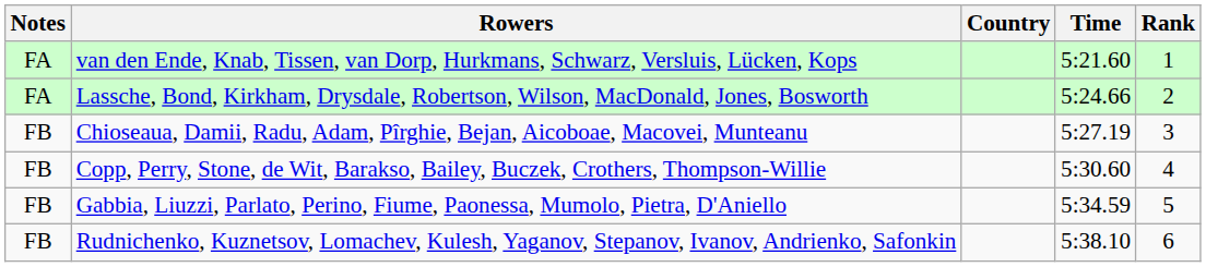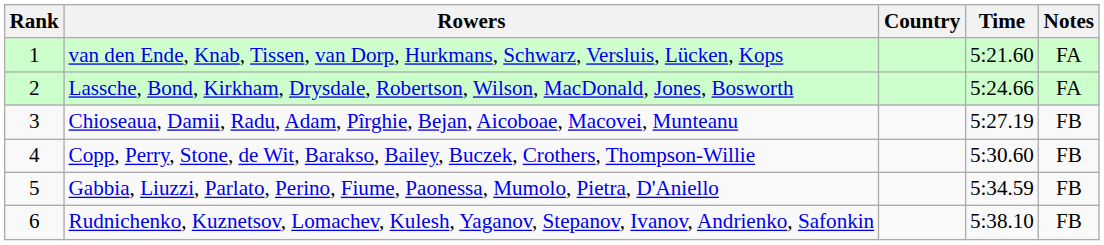 <table class="wikitable" style="text-align:center">
 <tr>
-<th>Notes</th>
+<th>Rank</th>
 <th>Rowers</th>
 <th>Country</th>
 <th>Time</th>
-<th>Rank</th>
+<th>Notes</th>
 </tr>
 <tr bgcolor=ccffcc>
-<td>FA</td>
+<td>1</td>
 <td align="left"><a href='#'>van den Ende</a>, <a href='#'>Knab</a>, <a href='#'>Tissen</a>, <a href='#'>van Dorp</a>, <a href='#'>Hurkmans</a>, <a href='#'>Schwarz</a>, <a href='#'>Versluis</a>, <a href='#'>Lücken</a>, <a href='#'>Kops</a></td>
 <td align="left"></td>
 <td>5:21.60</td>
-<td>1</td>
+<td>FA</td>
 </tr>
 <tr bgcolor=ccffcc>
-<td>FA</td>
+<td>2</td>
 <td align="left"><a href='#'>Lassche</a>, <a href='#'>Bond</a>, <a href='#'>Kirkham</a>, <a href='#'>Drysdale</a>, <a href='#'>Robertson</a>, <a href='#'>Wilson</a>, <a href='#'>MacDonald</a>, <a href='#'>Jones</a>, <a href='#'>Bosworth</a></td>
 <td align="left"></td>
 <td>5:24.66</td>
-<td>2</td>
+<td>FA</td>
 </tr>
 <tr>
-<td>FB</td>
+<td>3</td>
 <td align="left"><a href='#'>Chioseaua</a>, <a href='#'>Damii</a>, <a href='#'>Radu</a>, <a href='#'>Adam</a>, <a href='#'>Pîrghie</a>, <a href='#'>Bejan</a>, <a href='#'>Aicoboae</a>, <a href='#'>Macovei</a>, <a href='#'>Munteanu</a></td>
 <td align="left"></td>
 <td>5:27.19</td>
-<td>3</td>
+<td>FB</td>
 </tr>
 <tr>
-<td>FB</td>
+<td>4</td>
 <td align="left"><a href='#'>Copp</a>, <a href='#'>Perry</a>, <a href='#'>Stone</a>, <a href='#'>de Wit</a>, <a href='#'>Barakso</a>, <a href='#'>Bailey</a>, <a href='#'>Buczek</a>, <a href='#'>Crothers</a>, <a href='#'>Thompson-Willie</a></td>
 <td align="left"></td>
 <td>5:30.60</td>
-<td>4</td>
+<td>FB</td>
 </tr>
 <tr>
-<td>FB</td>
+<td>5</td>
 <td align="left"><a href='#'>Gabbia</a>, <a href='#'>Liuzzi</a>, <a href='#'>Parlato</a>, <a href='#'>Perino</a>, <a href='#'>Fiume</a>, <a href='#'>Paonessa</a>, <a href='#'>Mumolo</a>, <a href='#'>Pietra</a>, <a href='#'>D'Aniello</a></td>
 <td align="left"></td>
 <td>5:34.59</td>
-<td>5</td>
+<td>FB</td>
 </tr>
 <tr>
-<td>FB</td>
+<td>6</td>
 <td align="left"><a href='#'>Rudnichenko</a>, <a href='#'>Kuznetsov</a>, <a href='#'>Lomachev</a>, <a href='#'>Kulesh</a>, <a href='#'>Yaganov</a>, <a href='#'>Stepanov</a>, <a href='#'>Ivanov</a>, <a href='#'>Andrienko</a>, <a href='#'>Safonkin</a></td>
 <td align="left"></td>
 <td>5:38.10</td>
-<td>6</td>
+<td>FB</td>
 </tr>
 </table>
